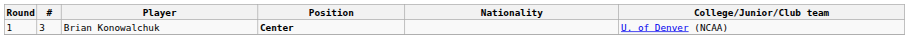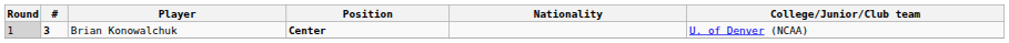 <table class="wikitable">
 <tr>
 <th bgcolor="#DDDDFF" width="2.75%">Round</th>
 <th bgcolor="#DDDDFF" width="2.75%">#</th>
 <th bgcolor="#DDDDFF" width="22.0%">Player</th>
 <th bgcolor="#DDDDFF" width="16.5%">Position</th>
 <th bgcolor="#DDDDFF" width="24.0%">Nationality</th>
 <th bgcolor="#DDDDFF" width="100.0%">College/Junior/Club team</th>
 </tr>
 <tr>
-<td>1</td>
-<td>3</td>
+<td style="background: lightgrey;">1</td>
+<td><strong>3</strong></td>
 <td>Brian Konowalchuk</td>
 <td><strong>Center</strong></td>
 <td></td>
 <td><a href='#'>U. of Denver</a> (NCAA)</td>
 </tr>
 <tr>
 </tr>
 </table>
